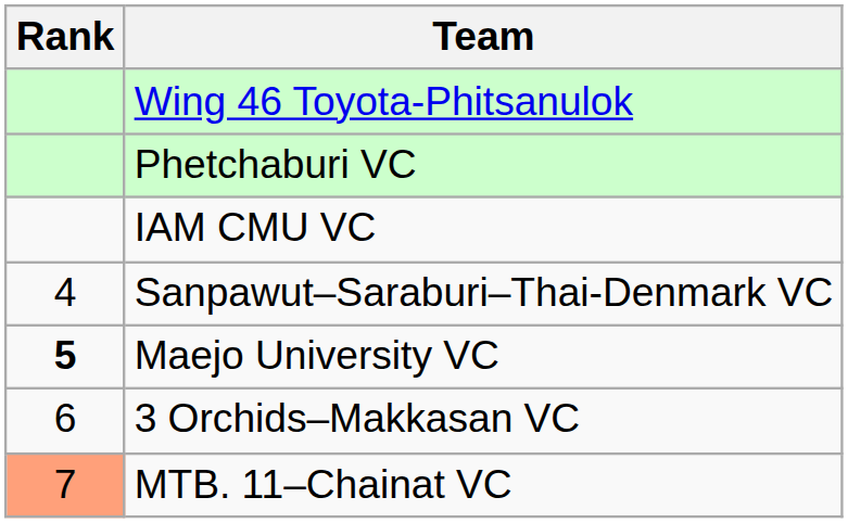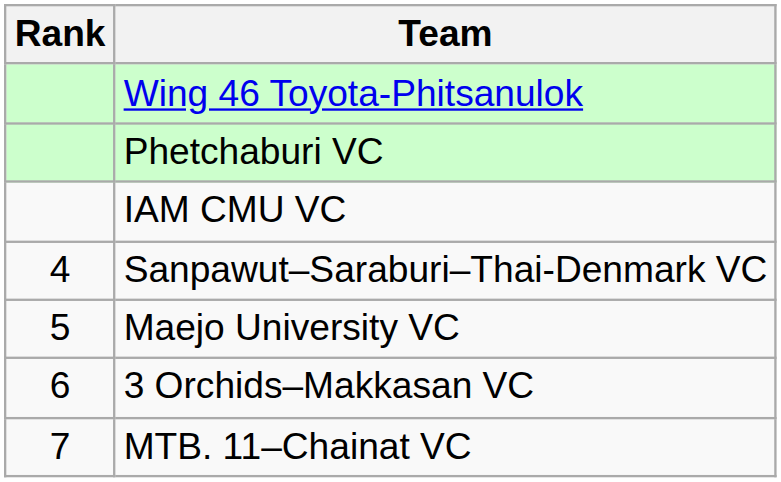 <table class="wikitable" style="text-align: center;">
 <tr>
 <th width=40>Rank</th>
 <th>Team</th>
 </tr>
 <tr bgcolor=#CCFFCC>
 <td></td>
 <td align="left"><a href='#'>Wing 46 Toyota-Phitsanulok</a></td>
 </tr>
 <tr bgcolor=#CCFFCC>
 <td></td>
 <td align="left">Phetchaburi VC</td>
 </tr>
 <tr bgcolor=>
 <td></td>
 <td align="left">IAM CMU VC</td>
 </tr>
 <tr bgcolor=>
 <td>4</td>
 <td align="left">Sanpawut–Saraburi–Thai-Denmark VC</td>
 </tr>
 <tr bgcolor=>
-<td><strong>5</strong></td>
+<td>5</td>
 <td align="left">Maejo University VC</td>
 </tr>
 <tr bgcolor=>
 <td>6</td>
 <td align="left">3 Orchids–Makkasan VC</td>
 </tr>
 <tr>
-<td style="background: lightsalmon;">7</td>
+<td>7</td>
 <td align="left">MTB. 11–Chainat VC</td>
 </tr>
 </table>
